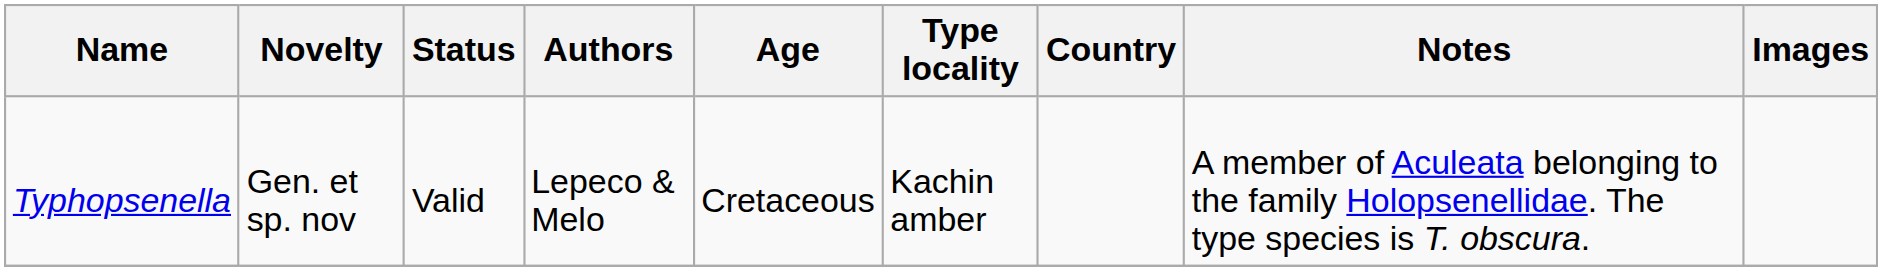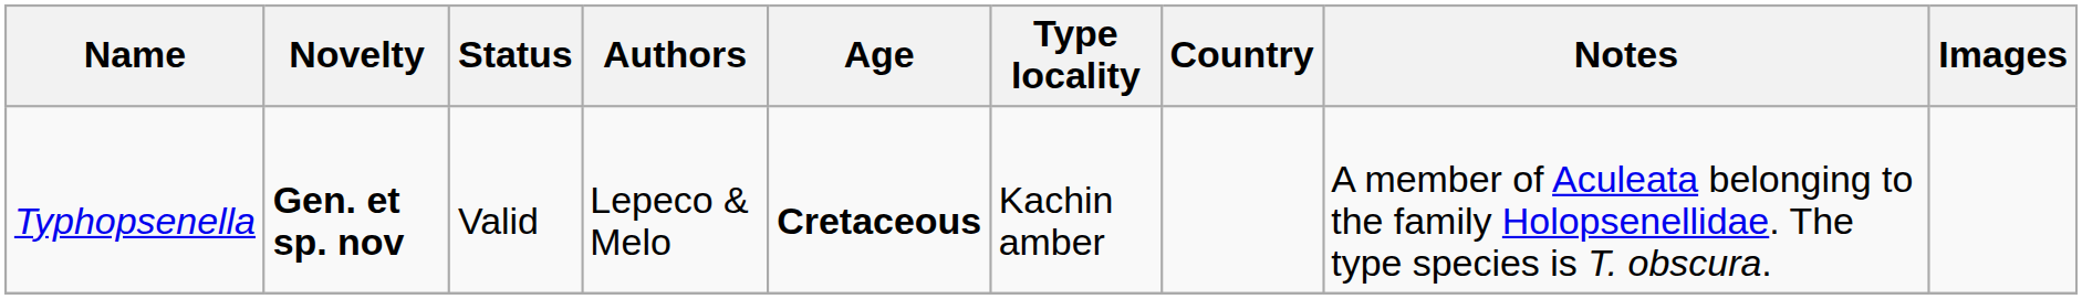 <table class="wikitable sortable" align="center" width="100%">
 <tr>
 <th>Name</th>
 <th>Novelty</th>
 <th>Status</th>
 <th>Authors</th>
 <th>Age</th>
 <th>Type locality</th>
 <th>Country</th>
 <th>Notes</th>
 <th>Images</th>
 </tr>
 <tr>
 <td><br><em><a href='#'>Typhopsenella</a></em></td>
-<td><br>Gen. et sp. nov</td>
+<td><strong><br>Gen. et sp. nov</strong></td>
 <td><br>Valid</td>
 <td><br>Lepeco & Melo</td>
-<td><br>Cretaceous</td>
+<td><strong><br>Cretaceous</strong></td>
 <td><br>Kachin amber</td>
 <td><br></td>
 <td><br>A member of <a href='#'>Aculeata</a> belonging to the family <a href='#'>Holopsenellidae</a>. The type species is <em>T. obscura</em>.</td>
 <td></td>
 </tr>
 <tr>
 </tr>
 </table>
